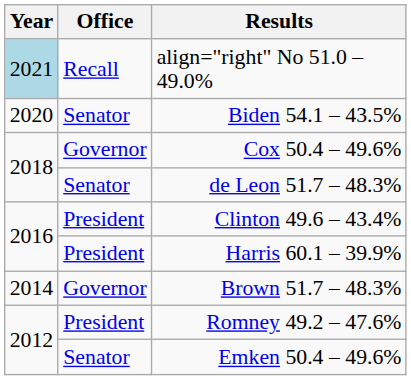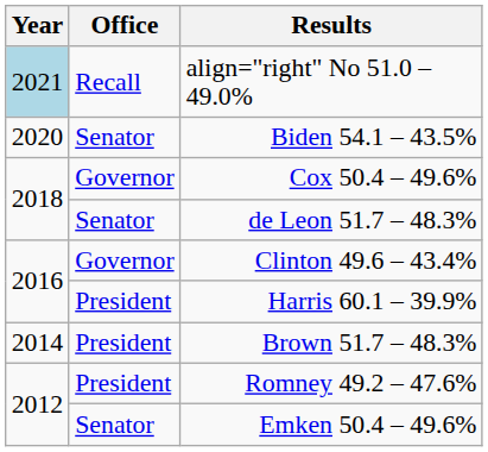 <table class=wikitable>
 <tr>
 <th width="30">Year</th>
 <th width="60">Office</th>
 <th width="180">Results</th>
 </tr>
 <tr>
 <td style="background: lightblue;">2021</td>
 <td><a href='#'>Recall</a></td>
 <td>align="right"  No 51.0 – 49.0%</td>
 </tr>
 <tr>
 <td>2020</td>
 <td><a href='#'>Senator</a></td>
 <td align="right" ><a href='#'>Biden</a> 54.1 – 43.5%</td>
 </tr>
 <tr>
 <td rowspan="2">2018</td>
 <td><a href='#'>Governor</a></td>
 <td align="right" ><a href='#'>Cox</a> 50.4 – 49.6%</td>
 </tr>
 <tr>
 <td><a href='#'>Senator</a></td>
 <td align="right" ><a href='#'>de Leon</a> 51.7 – 48.3%</td>
 </tr>
 <tr>
 <td rowspan="2">2016</td>
-<td><a href='#'>President</a></td>
+<td><a href='#'>Governor</a></td>
 <td align="right" ><a href='#'>Clinton</a> 49.6 – 43.4%</td>
 </tr>
 <tr>
 <td><a href='#'>President</a></td>
 <td align="right" ><a href='#'>Harris</a> 60.1 – 39.9%</td>
 </tr>
 <tr>
 <td>2014</td>
-<td><a href='#'>Governor</a></td>
+<td><a href='#'>President</a></td>
 <td align="right" ><a href='#'>Brown</a> 51.7 – 48.3%</td>
 </tr>
 <tr>
 <td rowspan="2">2012</td>
 <td><a href='#'>President</a></td>
 <td align="right" ><a href='#'>Romney</a> 49.2 – 47.6%</td>
 </tr>
 <tr>
 <td><a href='#'>Senator</a></td>
 <td align="right" ><a href='#'>Emken</a> 50.4 – 49.6%</td>
 </tr>
 </table>
